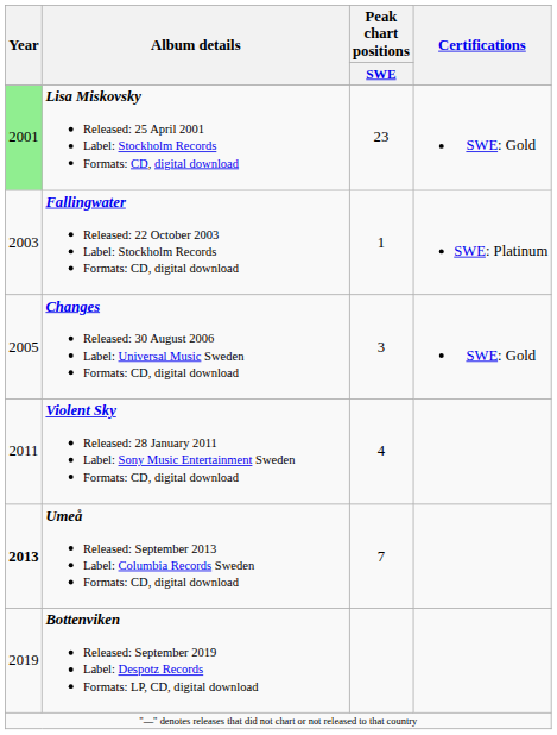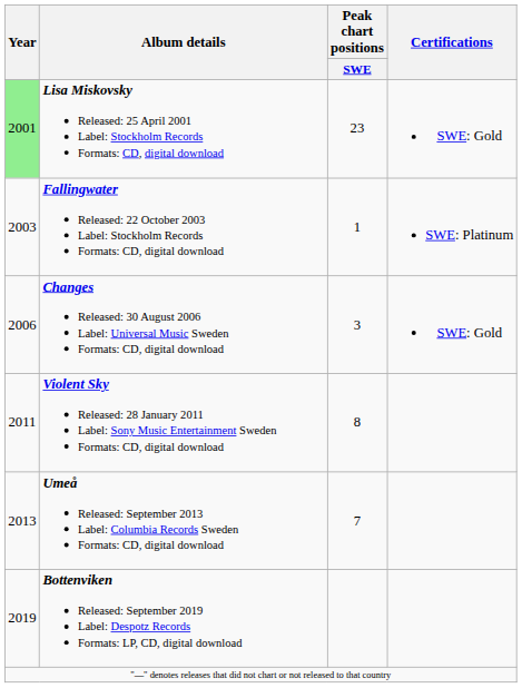 <table class="wikitable" style="text-align: center">
 <tr>
 <th rowspan="2">Year</th>
 <th scope="col" rowspan="2" style="width:20em;">Album details</th>
 <th colspan="1" width="60">Peak chart positions</th>
 <th scope="col" rowspan="2"><a href='#'>Certifications</a></th>
 </tr>
 <tr style="font-size:90%;">
 <th style="width:4em;"><a href='#'>SWE</a><br></th>
 </tr>
 <tr>
 <td style="background: lightgreen;">2001</td>
 <td style="text-align:left;"><strong><em>Lisa Miskovsky</em></strong><br><ul><li><small>Released: 25 April 2001</small></li><li><small>Label: <a href='#'>Stockholm Records</a></small></li><li><small>Formats: <a href='#'>CD</a>, <a href='#'>digital download</a></small></li></ul></td>
 <td>23</td>
 <td><br><ul><li><a href='#'>SWE</a>: Gold</li></ul></td>
 </tr>
 <tr>
 <td>2003</td>
 <td style="text-align:left;"><strong><em><a href='#'>Fallingwater</a></em></strong><br><ul><li><small>Released: 22 October 2003</small></li><li><small>Label: Stockholm Records</small></li><li><small>Formats: CD, digital download</small></li></ul></td>
 <td>1</td>
 <td><br><ul><li><a href='#'>SWE</a>: Platinum</li></ul></td>
 </tr>
 <tr>
-<td>2005</td>
+<td>2006</td>
 <td style="text-align:left;"><strong><em><a href='#'>Changes</a></em></strong><br><ul><li><small>Released: 30 August 2006</small></li><li><small>Label: <a href='#'>Universal Music</a> Sweden</small></li><li><small>Formats: CD, digital download</small></li></ul></td>
 <td>3</td>
 <td><br><ul><li><a href='#'>SWE</a>: Gold</li></ul></td>
 </tr>
 <tr>
 <td>2011</td>
 <td style="text-align:left;"><strong><em><a href='#'>Violent Sky</a></em></strong><br><ul><li><small>Released: 28 January 2011</small></li><li><small>Label: <a href='#'>Sony Music Entertainment</a> Sweden</small></li><li><small>Formats: CD, digital download</small></li></ul></td>
-<td>4</td>
+<td>8</td>
 <td></td>
 </tr>
 <tr>
-<td><strong>2013</strong></td>
+<td>2013</td>
 <td style="text-align:left;"><strong><em>Umeå</em></strong><br><ul><li><small>Released: September 2013</small></li><li><small>Label: <a href='#'>Columbia Records</a> Sweden</small></li><li><small>Formats: CD, digital download</small></li></ul></td>
 <td>7</td>
 <td></td>
 </tr>
 <tr>
 <td>2019</td>
 <td style="text-align:left;"><strong><em>Bottenviken</em></strong><br><ul><li><small>Released: September 2019</small></li><li><small>Label: <a href='#'>Despotz Records</a></small></li><li><small>Formats: LP, CD, digital download</small></li></ul></td>
 <td></td>
 <td></td>
 </tr>
 <tr>
 <td colspan="10" style="font-size:8pt">"—" denotes releases that did not chart or not released to that country</td>
 </tr>
 </table>
